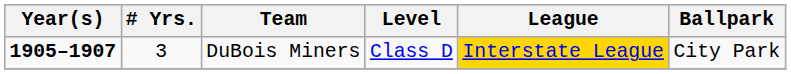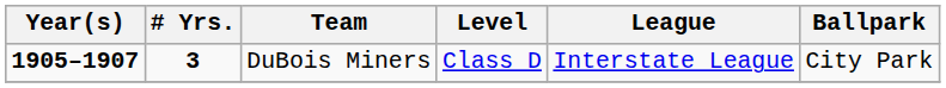 <table class="wikitable" style="text-align:center; font-size: 95%;">
 <tr>
 <th>Year(s)</th>
 <th># Yrs.</th>
 <th>Team</th>
 <th>Level</th>
 <th>League</th>
 <th>Ballpark</th>
 </tr>
 <tr>
 <td><strong>1905–1907</strong></td>
-<td>3</td>
+<td><strong>3</strong></td>
 <td>DuBois Miners</td>
 <td><a href='#'>Class D</a></td>
-<td style="background: gold;"><a href='#'>Interstate League</a></td>
+<td><a href='#'>Interstate League</a></td>
 <td>City Park</td>
 </tr>
 <tr>
 </tr>
 </table>
